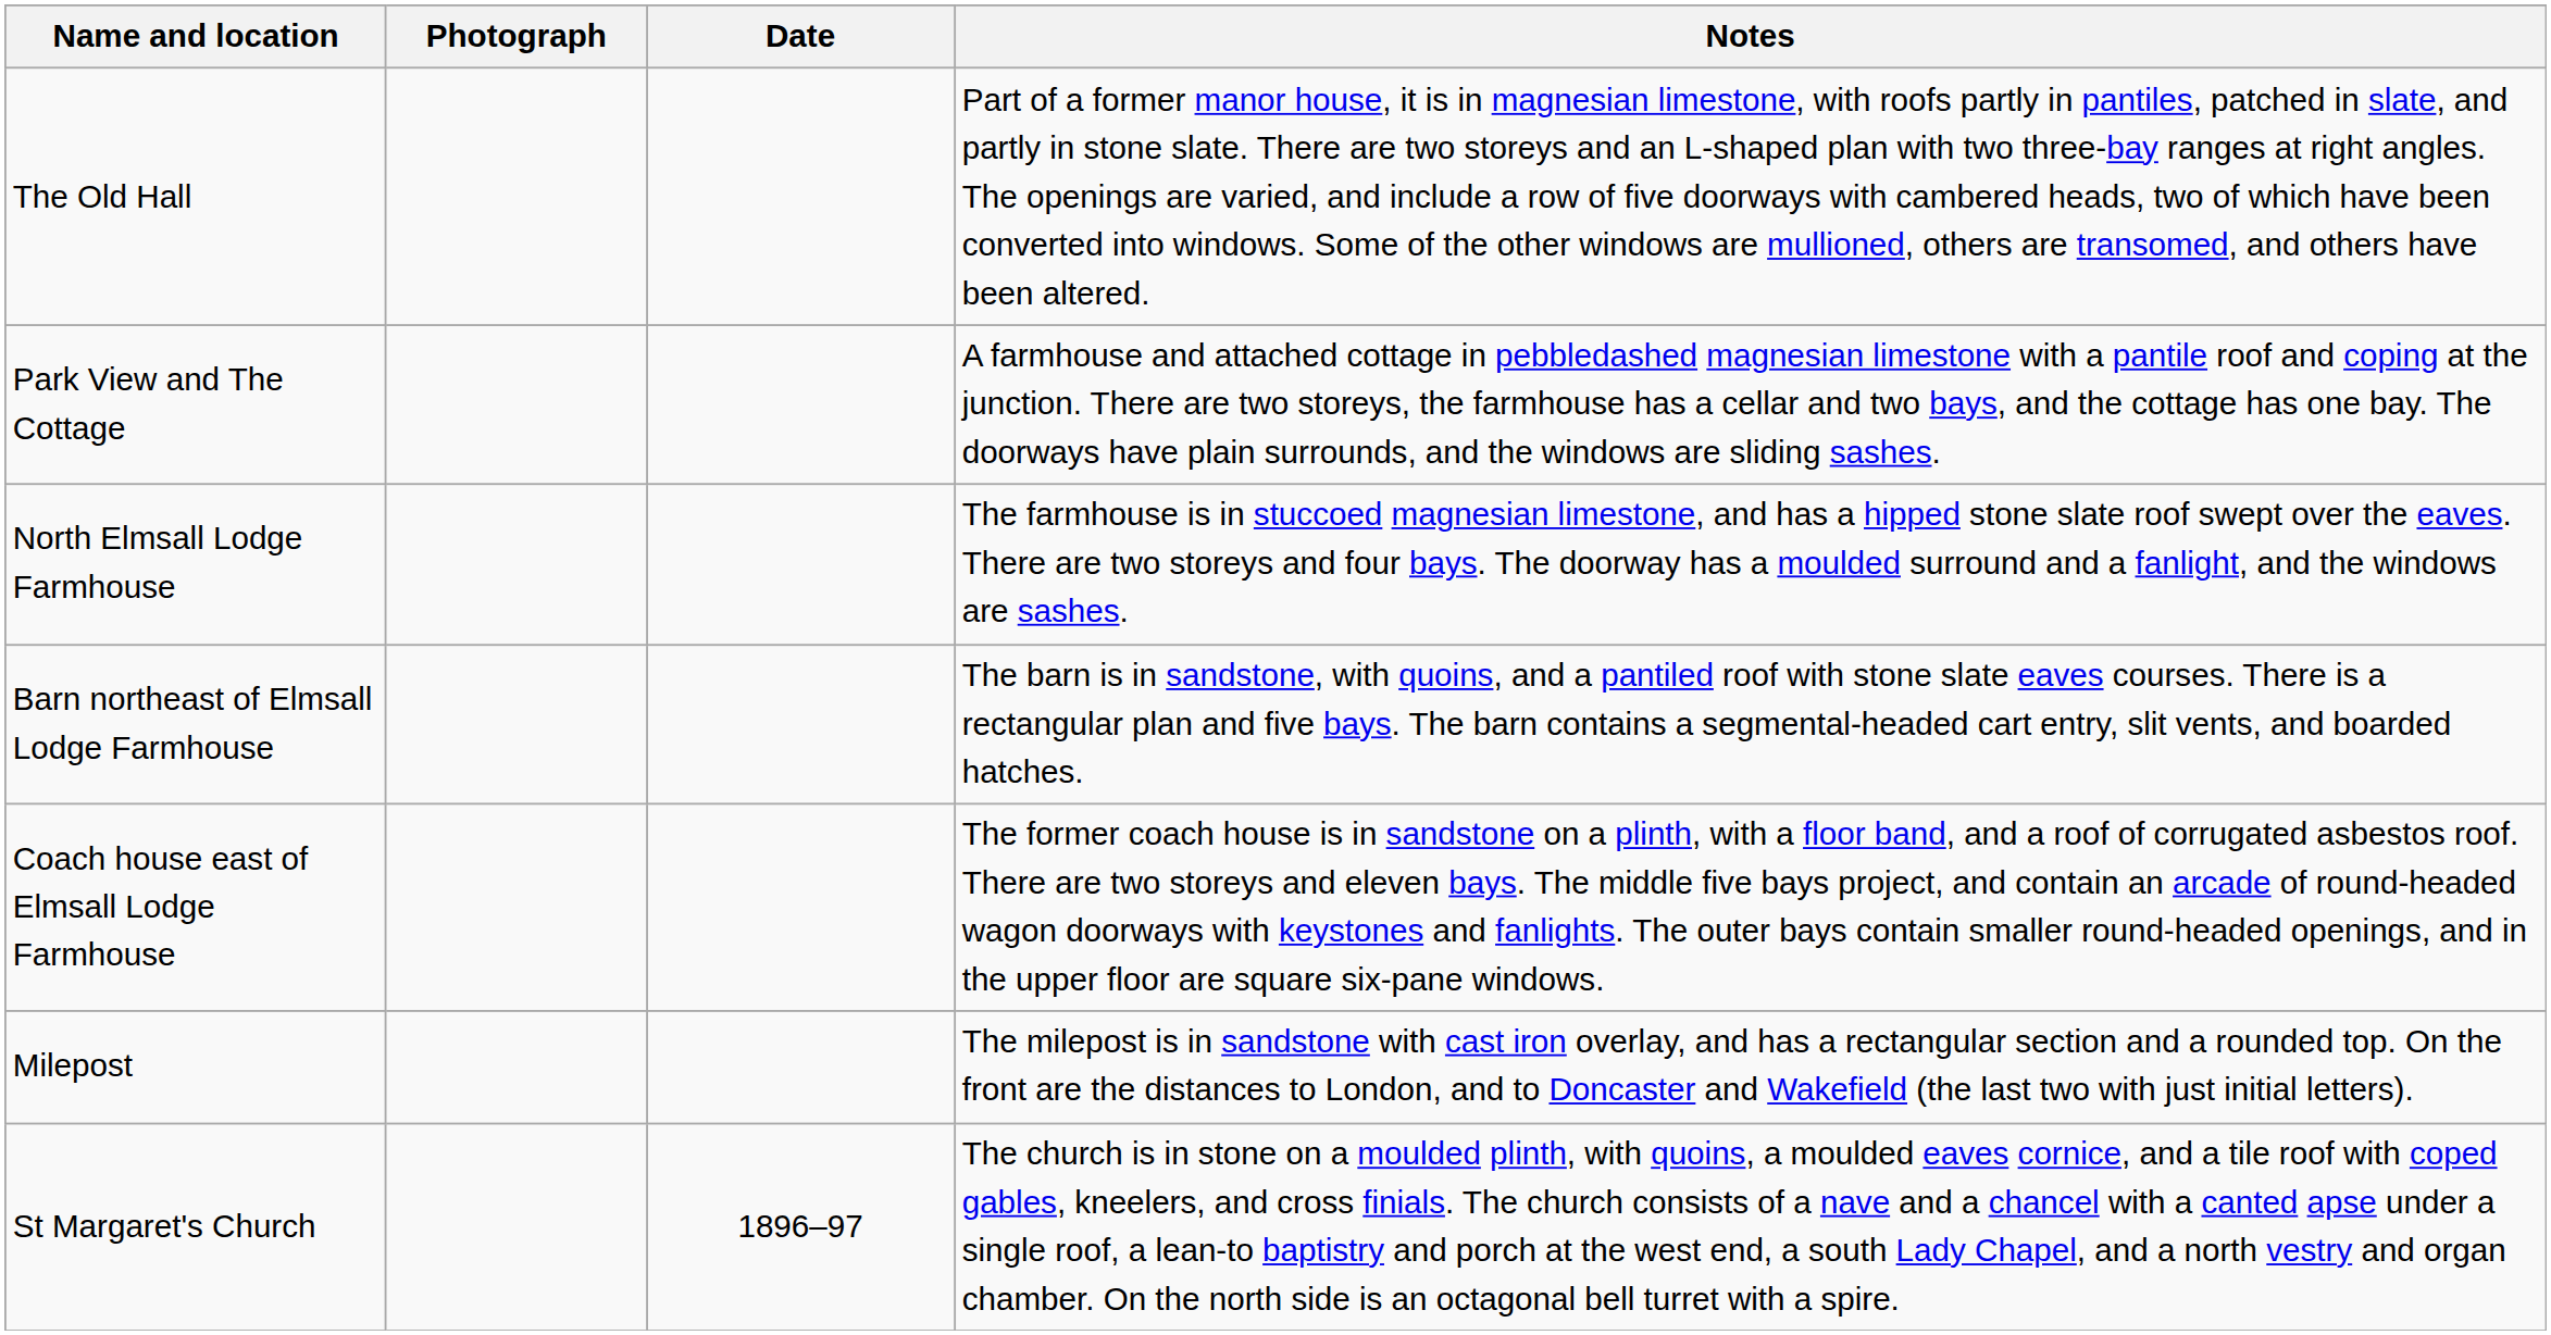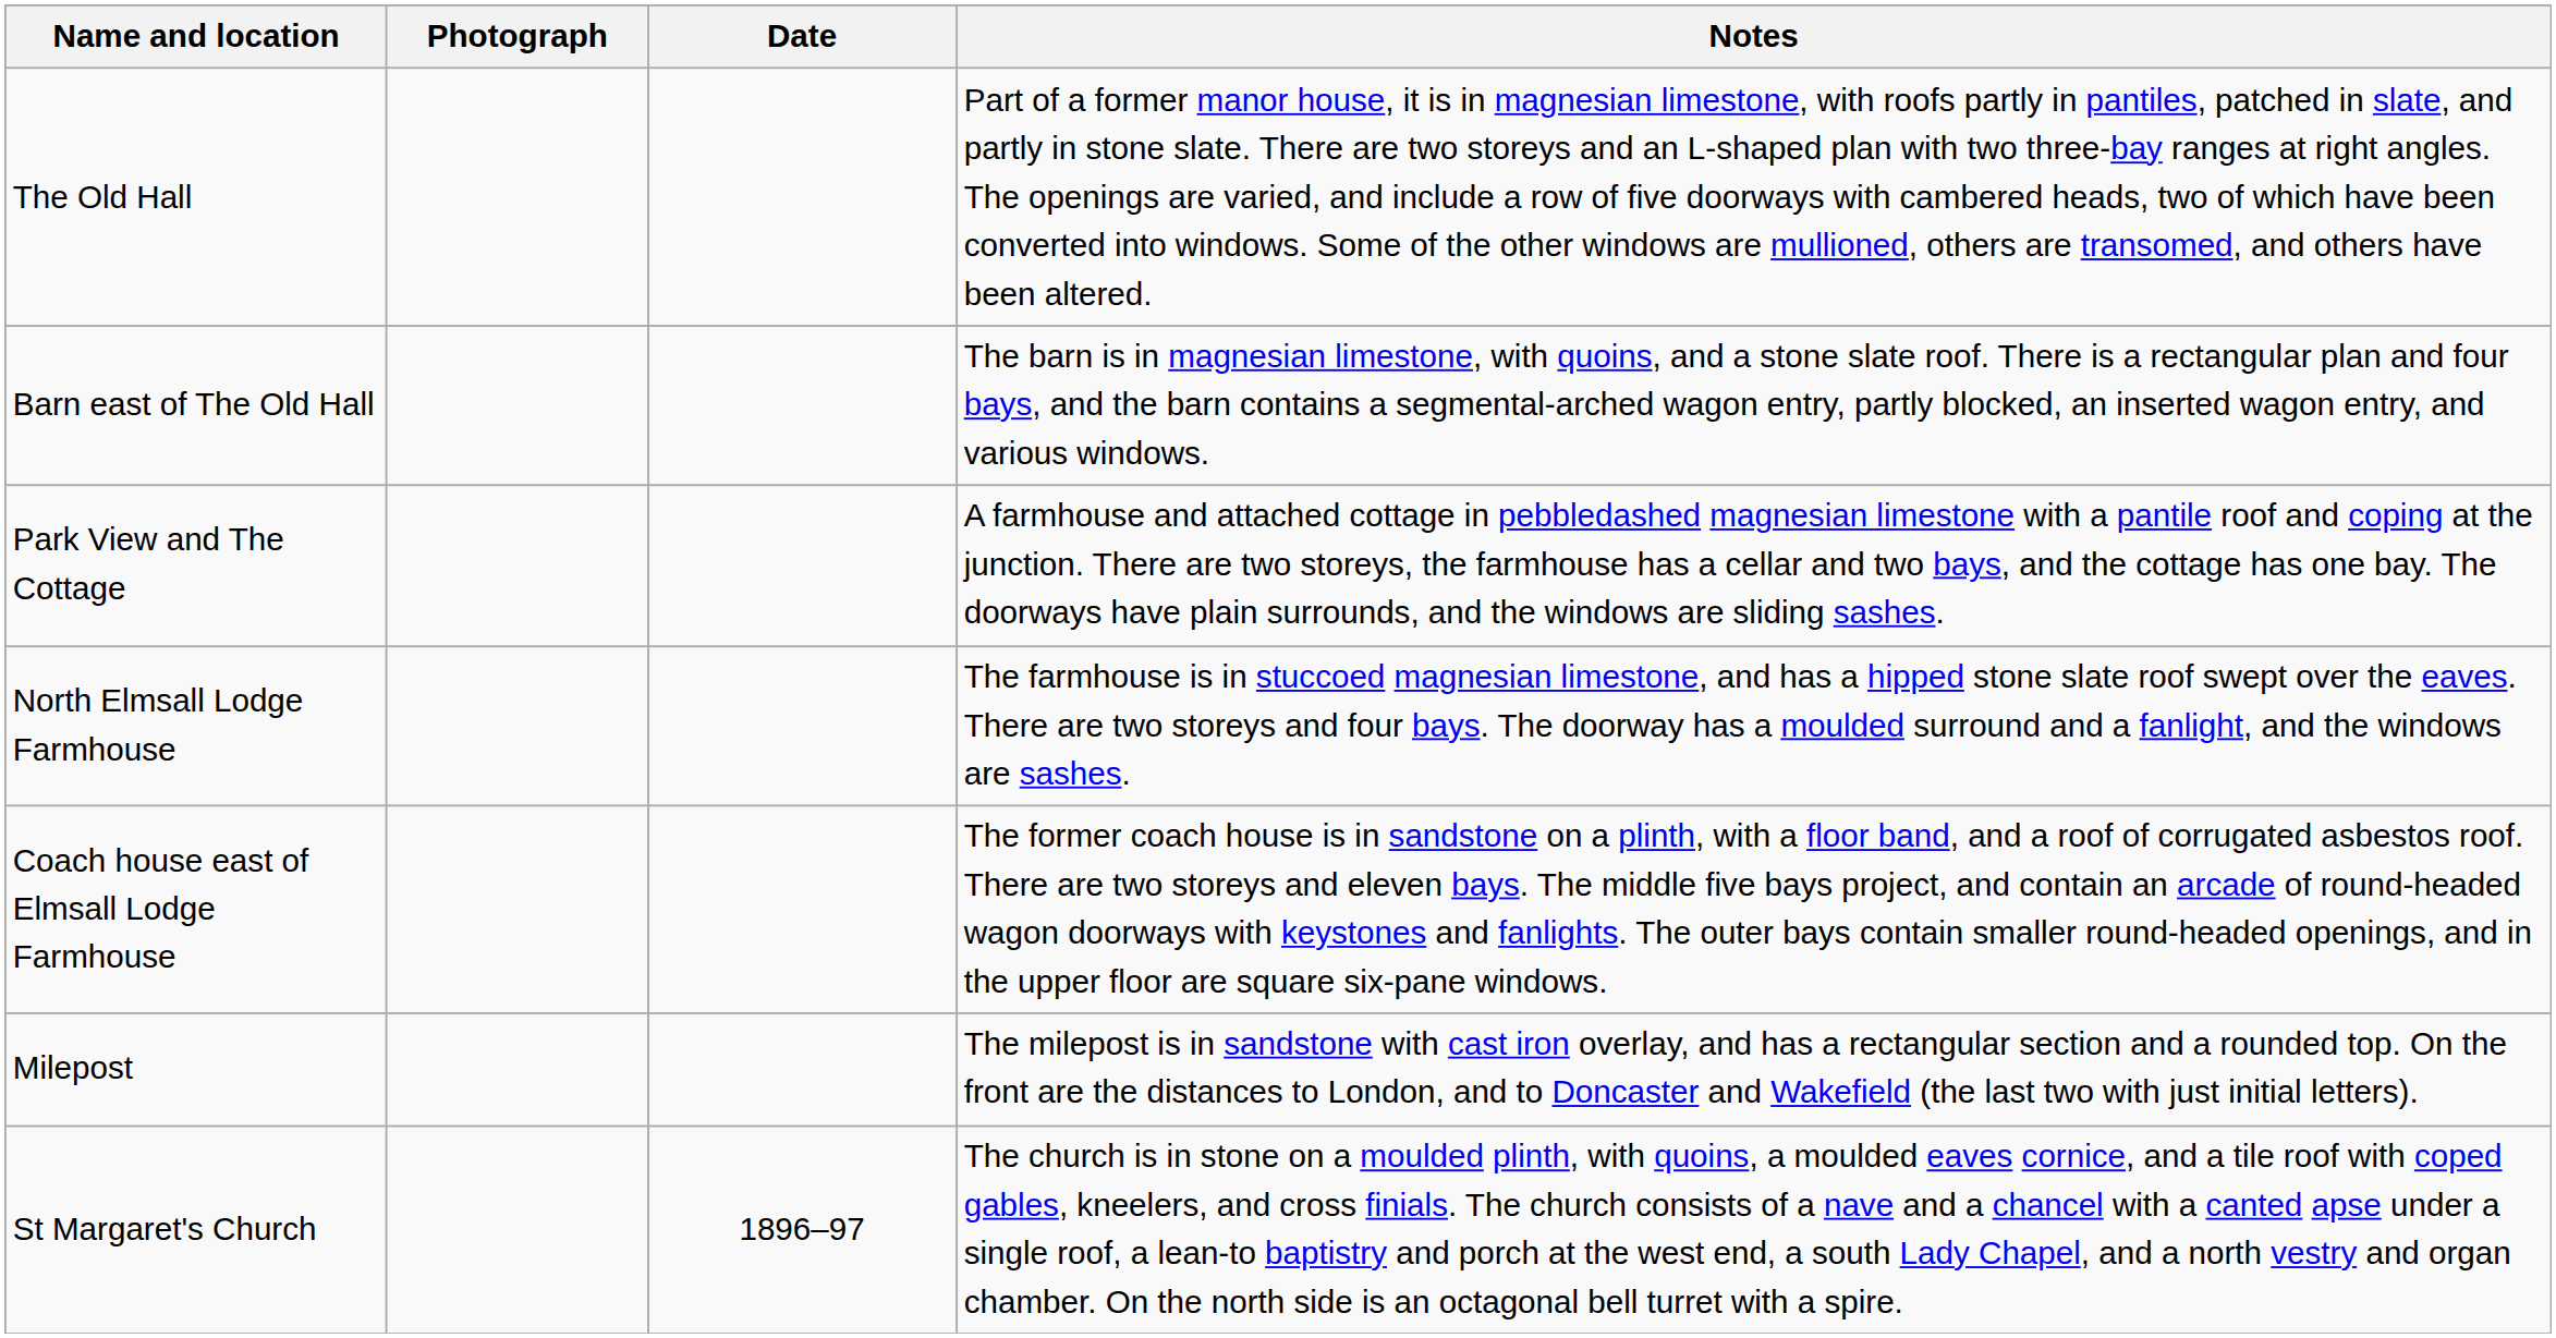 <table class="wikitable sortable plainrowheaders" style="width:100%;border:0px;text-align:left;line-height:150%;">
 <tr>
 <th scope="col"  style="width:150px">Name and location</th>
 <th scope="col"  style="width:100px" class="unsortable">Photograph</th>
 <th scope="col"  style="width:120px">Date</th>
 <th scope="col"  style="width:650px" class="unsortable">Notes</th>
 </tr>
 <tr>
 <td>The Old Hall<br><small></small></td>
 <td></td>
 <td align="center"></td>
 <td>Part of a former <a href='#'>manor house</a>, it is in <a href='#'>magnesian limestone</a>, with roofs partly in <a href='#'>pantiles</a>, patched in <a href='#'>slate</a>, and partly in stone slate.  There are two storeys and an L-shaped plan with two three-<a href='#'>bay</a> ranges at right angles.  The openings are varied, and include a row of five doorways with cambered heads, two of which have been converted into windows. Some of the other windows are <a href='#'>mullioned</a>, others are <a href='#'>transomed</a>, and others have been altered.</td>
 </tr>
 <tr>
+<td>Barn east of The Old Hall<br><small></small></td>
+<td></td>
+<td align="center"></td>
+<td>The barn is in <a href='#'>magnesian limestone</a>, with <a href='#'>quoins</a>, and a stone slate roof.  There is a rectangular plan and four <a href='#'>bays</a>, and the barn contains a segmental-arched wagon entry, partly blocked, an inserted wagon entry, and various windows.</td>
+</tr>
+<tr>
 <td>Park View and The Cottage<br><small></small></td>
 <td></td>
 <td align="center"></td>
 <td>A farmhouse and attached cottage in <a href='#'>pebbledashed</a> <a href='#'>magnesian limestone</a> with a <a href='#'>pantile</a> roof and <a href='#'>coping</a> at the junction.  There are two storeys, the farmhouse has a cellar and two <a href='#'>bays</a>, and the cottage has one bay.  The doorways have plain surrounds, and the windows are sliding <a href='#'>sashes</a>.</td>
 </tr>
 <tr>
 <td>North Elmsall Lodge Farmhouse<br><small></small></td>
 <td></td>
 <td align="center"></td>
 <td>The farmhouse is in <a href='#'>stuccoed</a> <a href='#'>magnesian limestone</a>, and has a <a href='#'>hipped</a> stone slate roof swept over the <a href='#'>eaves</a>.  There are two storeys and four <a href='#'>bays</a>.  The doorway has a <a href='#'>moulded</a> surround and a <a href='#'>fanlight</a>, and the windows are <a href='#'>sashes</a>.</td>
-</tr>
-<tr>
-<td>Barn northeast of Elmsall Lodge Farmhouse<br><small></small></td>
-<td></td>
-<td align="center"></td>
-<td>The barn is in <a href='#'>sandstone</a>, with <a href='#'>quoins</a>, and a <a href='#'>pantiled</a> roof with stone slate <a href='#'>eaves</a> courses.  There is a rectangular plan and five <a href='#'>bays</a>.  The barn contains a segmental-headed cart entry, slit vents, and boarded hatches.</td>
 </tr>
 <tr>
 <td>Coach house east of Elmsall Lodge Farmhouse<br><small></small></td>
 <td></td>
 <td align="center"></td>
 <td>The former coach house is in <a href='#'>sandstone</a> on a <a href='#'>plinth</a>, with a <a href='#'>floor band</a>, and a roof of corrugated asbestos roof.  There are two storeys and eleven <a href='#'>bays</a>.  The middle five bays project, and contain an <a href='#'>arcade</a> of round-headed wagon doorways with <a href='#'>keystones</a> and <a href='#'>fanlights</a>.  The outer bays contain smaller round-headed openings, and in the upper floor are square six-pane windows.</td>
 </tr>
 <tr>
 <td>Milepost<br><small></small></td>
 <td></td>
 <td align="center"></td>
 <td>The milepost is in <a href='#'>sandstone</a> with <a href='#'>cast iron</a> overlay, and has a rectangular section and a rounded top.  On the front are the distances to London, and to <a href='#'>Doncaster</a> and <a href='#'>Wakefield</a> (the last two with just initial letters).</td>
 </tr>
 <tr>
 <td>St Margaret's Church<br><small></small></td>
 <td></td>
 <td align="center">1896–97</td>
 <td>The church is in stone on a <a href='#'>moulded</a> <a href='#'>plinth</a>, with <a href='#'>quoins</a>, a moulded <a href='#'>eaves</a> <a href='#'>cornice</a>, and a tile roof with <a href='#'>coped</a> <a href='#'>gables</a>, kneelers, and cross <a href='#'>finials</a>.  The church consists of a <a href='#'>nave</a> and a <a href='#'>chancel</a> with a <a href='#'>canted</a> <a href='#'>apse</a> under a single roof, a lean-to <a href='#'>baptistry</a> and porch at the west end, a south <a href='#'>Lady Chapel</a>, and a north <a href='#'>vestry</a> and organ chamber.  On the north side is an octagonal bell turret with a spire.</td>
 </tr>
 <tr>
 </tr>
 </table>
